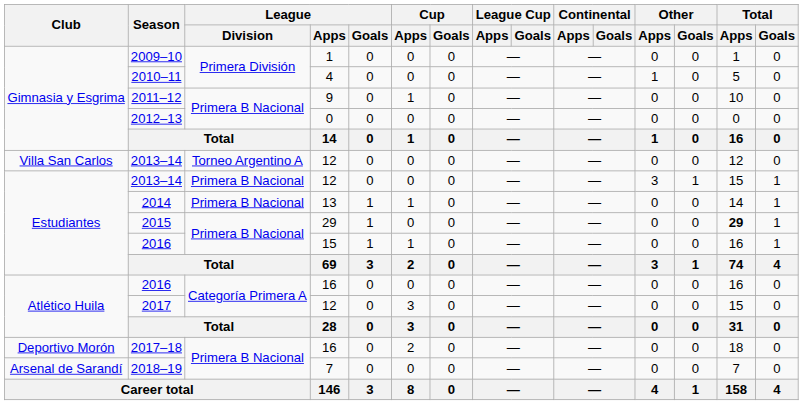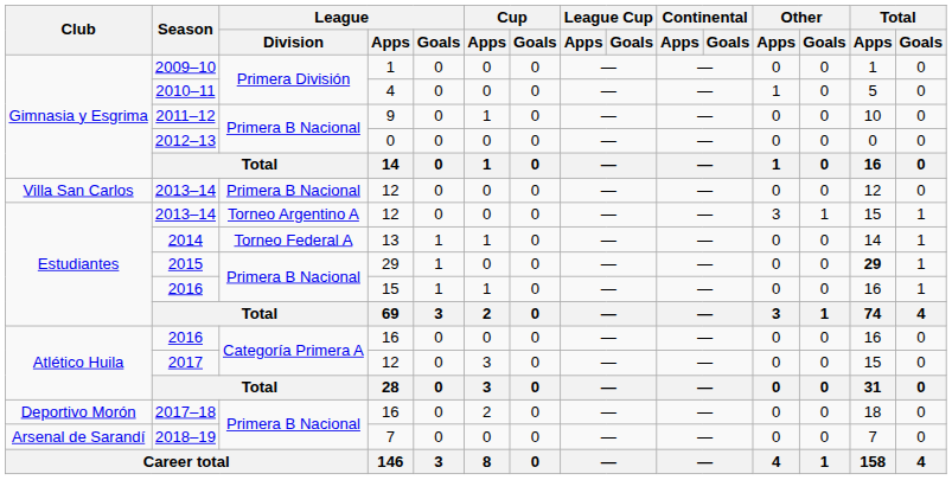 <table class="wikitable" style="text-align:center">
 <tr>
 <th rowspan="2">Club</th>
 <th rowspan="2">Season</th>
 <th colspan="3">League</th>
 <th colspan="2">Cup</th>
 <th colspan="2">League Cup</th>
 <th colspan="2">Continental</th>
 <th colspan="2">Other</th>
 <th colspan="2">Total</th>
 </tr>
 <tr>
 <th>Division</th>
 <th>Apps</th>
 <th>Goals</th>
 <th>Apps</th>
 <th>Goals</th>
 <th>Apps</th>
 <th>Goals</th>
 <th>Apps</th>
 <th>Goals</th>
 <th>Apps</th>
 <th>Goals</th>
 <th>Apps</th>
 <th>Goals</th>
 </tr>
 <tr>
 <td rowspan="5"><a href='#'>Gimnasia y Esgrima</a></td>
 <td><a href='#'>2009–10</a></td>
 <td rowspan="2"><a href='#'>Primera División</a></td>
 <td>1</td>
 <td>0</td>
 <td>0</td>
 <td>0</td>
 <td colspan="2">—</td>
 <td colspan="2">—</td>
 <td>0</td>
 <td>0</td>
 <td>1</td>
 <td>0</td>
 </tr>
 <tr>
 <td><a href='#'>2010–11</a></td>
 <td>4</td>
 <td>0</td>
 <td>0</td>
 <td>0</td>
 <td colspan="2">—</td>
 <td colspan="2">—</td>
 <td>1</td>
 <td>0</td>
 <td>5</td>
 <td>0</td>
 </tr>
 <tr>
 <td><a href='#'>2011–12</a></td>
 <td rowspan="2"><a href='#'>Primera B Nacional</a></td>
 <td>9</td>
 <td>0</td>
 <td>1</td>
 <td>0</td>
 <td colspan="2">—</td>
 <td colspan="2">—</td>
 <td>0</td>
 <td>0</td>
 <td>10</td>
 <td>0</td>
 </tr>
 <tr>
 <td><a href='#'>2012–13</a></td>
 <td>0</td>
 <td>0</td>
 <td>0</td>
 <td>0</td>
 <td colspan="2">—</td>
 <td colspan="2">—</td>
 <td>0</td>
 <td>0</td>
 <td>0</td>
 <td>0</td>
 </tr>
 <tr>
 <th colspan="2">Total</th>
 <th>14</th>
 <th>0</th>
 <th>1</th>
 <th>0</th>
 <th colspan="2">—</th>
 <th colspan="2">—</th>
 <th>1</th>
 <th>0</th>
 <th>16</th>
 <th>0</th>
 </tr>
 <tr>
 <td rowspan="1"><a href='#'>Villa San Carlos</a></td>
 <td><a href='#'>2013–14</a></td>
-<td rowspan="1"><a href='#'>Torneo Argentino A</a></td>
+<td rowspan="1"><a href='#'>Primera B Nacional</a></td>
 <td>12</td>
 <td>0</td>
 <td>0</td>
 <td>0</td>
 <td colspan="2">—</td>
 <td colspan="2">—</td>
 <td>0</td>
 <td>0</td>
 <td>12</td>
 <td>0</td>
 </tr>
 <tr>
 <td rowspan="5"><a href='#'>Estudiantes</a></td>
 <td><a href='#'>2013–14</a></td>
-<td rowspan="1"><a href='#'>Primera B Nacional</a></td>
+<td rowspan="1"><a href='#'>Torneo Argentino A</a></td>
 <td>12</td>
 <td>0</td>
 <td>0</td>
 <td>0</td>
 <td colspan="2">—</td>
 <td colspan="2">—</td>
 <td>3</td>
 <td>1</td>
 <td>15</td>
 <td>1</td>
 </tr>
 <tr>
 <td><a href='#'>2014</a></td>
-<td rowspan="1"><a href='#'>Primera B Nacional</a></td>
+<td rowspan="1"><a href='#'>Torneo Federal A</a></td>
 <td>13</td>
 <td>1</td>
 <td>1</td>
 <td>0</td>
 <td colspan="2">—</td>
 <td colspan="2">—</td>
 <td>0</td>
 <td>0</td>
 <td>14</td>
 <td>1</td>
 </tr>
 <tr>
 <td><a href='#'>2015</a></td>
 <td rowspan="2"><a href='#'>Primera B Nacional</a></td>
 <td>29</td>
 <td>1</td>
 <td>0</td>
 <td>0</td>
 <td colspan="2">—</td>
 <td colspan="2">—</td>
 <td>0</td>
 <td>0</td>
 <td><strong>29</strong></td>
 <td>1</td>
 </tr>
 <tr>
 <td><a href='#'>2016</a></td>
 <td>15</td>
 <td>1</td>
 <td>1</td>
 <td>0</td>
 <td colspan="2">—</td>
 <td colspan="2">—</td>
 <td>0</td>
 <td>0</td>
 <td>16</td>
 <td>1</td>
 </tr>
 <tr>
 <th colspan="2">Total</th>
 <th>69</th>
 <th>3</th>
 <th>2</th>
 <th>0</th>
 <th colspan="2">—</th>
 <th colspan="2">—</th>
 <th>3</th>
 <th>1</th>
 <th>74</th>
 <th>4</th>
 </tr>
 <tr>
 <td rowspan="3"><a href='#'>Atlético Huila</a></td>
 <td><a href='#'>2016</a></td>
 <td rowspan="2"><a href='#'>Categoría Primera A</a></td>
 <td>16</td>
 <td>0</td>
 <td>0</td>
 <td>0</td>
 <td colspan="2">—</td>
 <td colspan="2">—</td>
 <td>0</td>
 <td>0</td>
 <td>16</td>
 <td>0</td>
 </tr>
 <tr>
 <td><a href='#'>2017</a></td>
 <td>12</td>
 <td>0</td>
 <td>3</td>
 <td>0</td>
 <td colspan="2">—</td>
 <td colspan="2">—</td>
 <td>0</td>
 <td>0</td>
 <td>15</td>
 <td>0</td>
 </tr>
 <tr>
 <th colspan="2">Total</th>
 <th>28</th>
 <th>0</th>
 <th>3</th>
 <th>0</th>
 <th colspan="2">—</th>
 <th colspan="2">—</th>
 <th>0</th>
 <th>0</th>
 <th>31</th>
 <th>0</th>
 </tr>
 <tr>
 <td rowspan="1"><a href='#'>Deportivo Morón</a></td>
 <td><a href='#'>2017–18</a></td>
 <td rowspan="2"><a href='#'>Primera B Nacional</a></td>
 <td>16</td>
 <td>0</td>
 <td>2</td>
 <td>0</td>
 <td colspan="2">—</td>
 <td colspan="2">—</td>
 <td>0</td>
 <td>0</td>
 <td>18</td>
 <td>0</td>
 </tr>
 <tr>
 <td rowspan="1"><a href='#'>Arsenal de Sarandí</a></td>
 <td><a href='#'>2018–19</a></td>
 <td>7</td>
 <td>0</td>
 <td>0</td>
 <td>0</td>
 <td colspan="2">—</td>
 <td colspan="2">—</td>
 <td>0</td>
 <td>0</td>
 <td>7</td>
 <td>0</td>
 </tr>
 <tr>
 <th colspan="3">Career total</th>
 <th>146</th>
 <th>3</th>
 <th>8</th>
 <th>0</th>
 <th colspan="2">—</th>
 <th colspan="2">—</th>
 <th>4</th>
 <th>1</th>
 <th>158</th>
 <th>4</th>
 </tr>
 </table>
